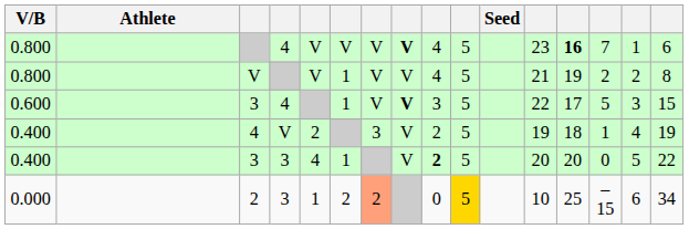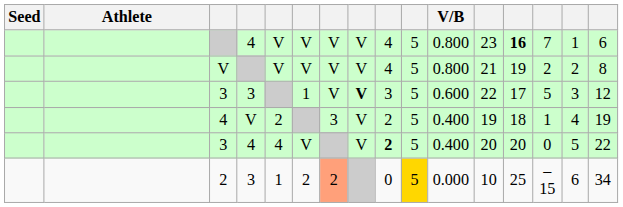 <table class="wikitable" style="text-align:center">
 <tr>
-<th width="40">V/B</th>
+<th width="25">Seed</th>
 <th width="220">Athlete</th>
 <th width="25"></th>
 <th width="25"></th>
 <th width="25"></th>
 <th width="25"></th>
 <th width="25"></th>
 <th width="25"></th>
 <th width="25"></th>
 <th width="25"></th>
-<th width="25">Seed</th>
+<th width="40">V/B</th>
 <th width="25"></th>
 <th width="25"></th>
 <th width="25"></th>
 <th width="25"></th>
 <th width="25"></th>
 </tr>
 <tr bgcolor=ccffcc>
-<td>0.800</td>
+<td></td>
 <td align=left></td>
 <td bgcolor="#cccccc"></td>
 <td>4</td>
 <td>V</td>
 <td>V</td>
 <td>V</td>
-<td><strong>V</strong></td>
+<td>V</td>
 <td>4</td>
 <td>5</td>
-<td></td>
+<td>0.800</td>
 <td>23</td>
 <td><strong>16</strong></td>
 <td>7</td>
 <td>1</td>
 <td>6</td>
 </tr>
 <tr bgcolor=ccffcc>
-<td>0.800</td>
+<td></td>
 <td align=left></td>
 <td>V</td>
 <td bgcolor="#cccccc"></td>
 <td>V</td>
-<td>1</td>
+<td>V</td>
 <td>V</td>
 <td>V</td>
 <td>4</td>
 <td>5</td>
-<td></td>
+<td>0.800</td>
 <td>21</td>
 <td>19</td>
 <td>2</td>
 <td>2</td>
 <td>8</td>
 </tr>
 <tr bgcolor=ccffcc>
-<td>0.600</td>
+<td></td>
 <td align=left></td>
 <td>3</td>
-<td>4</td>
+<td>3</td>
 <td bgcolor="#cccccc"></td>
 <td>1</td>
 <td>V</td>
 <td><strong>V</strong></td>
 <td>3</td>
 <td>5</td>
-<td></td>
+<td>0.600</td>
 <td>22</td>
 <td>17</td>
 <td>5</td>
 <td>3</td>
-<td>15</td>
+<td>12</td>
 </tr>
 <tr bgcolor=ccffcc>
-<td>0.400</td>
+<td></td>
 <td align=left></td>
 <td>4</td>
 <td>V</td>
 <td>2</td>
 <td bgcolor="#cccccc"></td>
 <td>3</td>
 <td>V</td>
 <td>2</td>
 <td>5</td>
-<td></td>
+<td>0.400</td>
 <td>19</td>
 <td>18</td>
 <td>1</td>
 <td>4</td>
 <td>19</td>
 </tr>
 <tr bgcolor=ccffcc>
-<td>0.400</td>
+<td></td>
 <td align=left></td>
 <td>3</td>
-<td>3</td>
 <td>4</td>
-<td>1</td>
+<td>4</td>
+<td>V</td>
 <td bgcolor="#cccccc"></td>
 <td>V</td>
 <td><strong>2</strong></td>
 <td>5</td>
-<td></td>
+<td>0.400</td>
 <td>20</td>
 <td>20</td>
 <td>0</td>
 <td>5</td>
 <td>22</td>
 </tr>
 <tr>
-<td>0.000</td>
+<td></td>
 <td align=left></td>
 <td>2</td>
 <td>3</td>
 <td>1</td>
 <td>2</td>
 <td style="background: lightsalmon;">2</td>
 <td bgcolor="#cccccc"></td>
 <td>0</td>
 <td style="background: gold;">5</td>
-<td></td>
+<td>0.000</td>
 <td>10</td>
 <td>25</td>
 <td>–15</td>
 <td>6</td>
 <td>34</td>
 </tr>
 </table>
